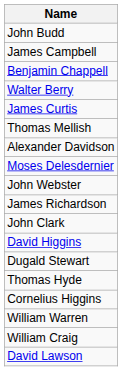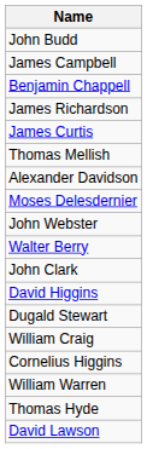 <table class="wikitable">
 <tr>
 <th>Name</th>
 </tr>
 <tr>
 <td>John Budd</td>
 </tr>
 <tr>
 <td>James Campbell</td>
 </tr>
 <tr>
 <td><a href='#'>Benjamin Chappell</a></td>
 </tr>
 <tr>
-<td><a href='#'>Walter Berry</a></td>
+<td>James Richardson</td>
 </tr>
 <tr>
 <td><a href='#'>James Curtis</a></td>
 </tr>
 <tr>
 <td>Thomas Mellish</td>
 </tr>
 <tr>
 <td>Alexander Davidson</td>
 </tr>
 <tr>
 <td><a href='#'>Moses Delesdernier</a></td>
 </tr>
 <tr>
 <td>John Webster</td>
 </tr>
 <tr>
-<td>James Richardson</td>
+<td><a href='#'>Walter Berry</a></td>
 </tr>
 <tr>
 <td>John Clark</td>
 </tr>
 <tr>
 <td><a href='#'>David Higgins</a></td>
 </tr>
 <tr>
 <td>Dugald Stewart</td>
 </tr>
 <tr>
-<td>Thomas Hyde</td>
+<td>William Craig</td>
 </tr>
 <tr>
 <td>Cornelius Higgins</td>
 </tr>
 <tr>
 <td>William Warren</td>
 </tr>
 <tr>
-<td>William Craig</td>
+<td>Thomas Hyde</td>
 </tr>
 <tr>
 <td><a href='#'>David Lawson</a></td>
 </tr>
 </table>
